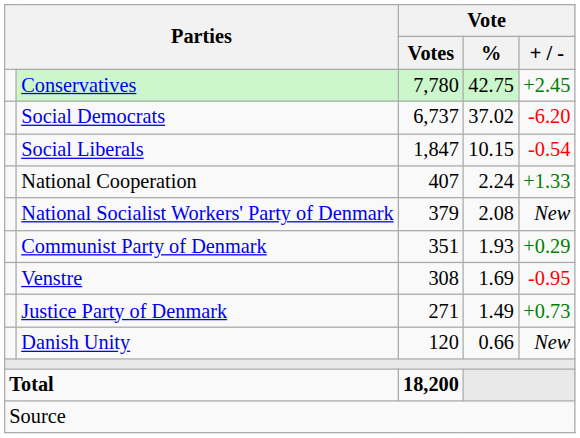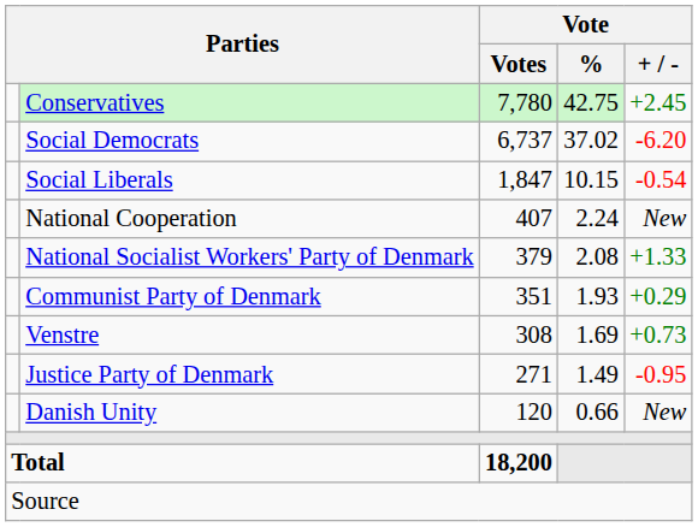 <table class="wikitable" style="text-align:right;">
 <tr>
 <th style="text-align:centre;" rowspan="2" colspan="2" width="225">Parties</th>
 <th colspan="3">Vote</th>
 </tr>
 <tr>
 <th width="15">Votes</th>
 <th width="15">%</th>
 <th width="15">+ / -</th>
 </tr>
 <tr>
 <td width="2" style="color:inherit;background:"></td>
 <td bgcolor=#ccf7cc  align="left"><a href='#'>Conservatives</a></td>
 <td bgcolor=#ccf7cc>7,780</td>
 <td bgcolor=#ccf7cc>42.75</td>
 <td style=color:green;>+2.45</td>
 </tr>
 <tr>
 <td width="2" style="color:inherit;background:"></td>
 <td align="left"><a href='#'>Social Democrats</a></td>
 <td>6,737</td>
 <td>37.02</td>
 <td style=color:red;>-6.20</td>
 </tr>
 <tr>
 <td width="2" style="color:inherit;background:"></td>
 <td align="left"><a href='#'>Social Liberals</a></td>
 <td>1,847</td>
 <td>10.15</td>
 <td style=color:red;>-0.54</td>
 </tr>
 <tr>
 <td width="2" style="color:inherit;background:"></td>
 <td align="left">National Cooperation</td>
 <td>407</td>
 <td>2.24</td>
-<td style=color:green;>+1.33</td>
+<td><em>New</em></td>
 </tr>
 <tr>
 <td width="2" style="color:inherit;background:"></td>
 <td align="left"><a href='#'>National Socialist Workers' Party of Denmark</a></td>
 <td>379</td>
 <td>2.08</td>
-<td><em>New</em></td>
+<td style=color:green;>+1.33</td>
 </tr>
 <tr>
 <td width="2" style="color:inherit;background:"></td>
 <td align="left"><a href='#'>Communist Party of Denmark</a></td>
 <td>351</td>
 <td>1.93</td>
 <td style=color:green;>+0.29</td>
 </tr>
 <tr>
 <td width="2" style="color:inherit;background:"></td>
 <td align="left"><a href='#'>Venstre</a></td>
 <td>308</td>
 <td>1.69</td>
-<td style=color:red;>-0.95</td>
+<td style=color:green;>+0.73</td>
 </tr>
 <tr>
 <td width="2" style="color:inherit;background:"></td>
 <td align="left"><a href='#'>Justice Party of Denmark</a></td>
 <td>271</td>
 <td>1.49</td>
-<td style=color:green;>+0.73</td>
+<td style=color:red;>-0.95</td>
 </tr>
 <tr>
 <td width="2" style="color:inherit;background:"></td>
 <td align="left"><a href='#'>Danish Unity</a></td>
 <td>120</td>
 <td>0.66</td>
 <td><em>New</em></td>
 </tr>
 <tr>
 <td colspan="7" bgcolor="#E9E9E9"></td>
 </tr>
 <tr>
 <td align="left" colspan="2"><strong>Total</strong></td>
 <td><strong>18,200</strong></td>
 <td bgcolor="#E9E9E9" colspan="2"></td>
 </tr>
 <tr>
 <td align="left" colspan="6">Source</td>
 </tr>
 </table>
